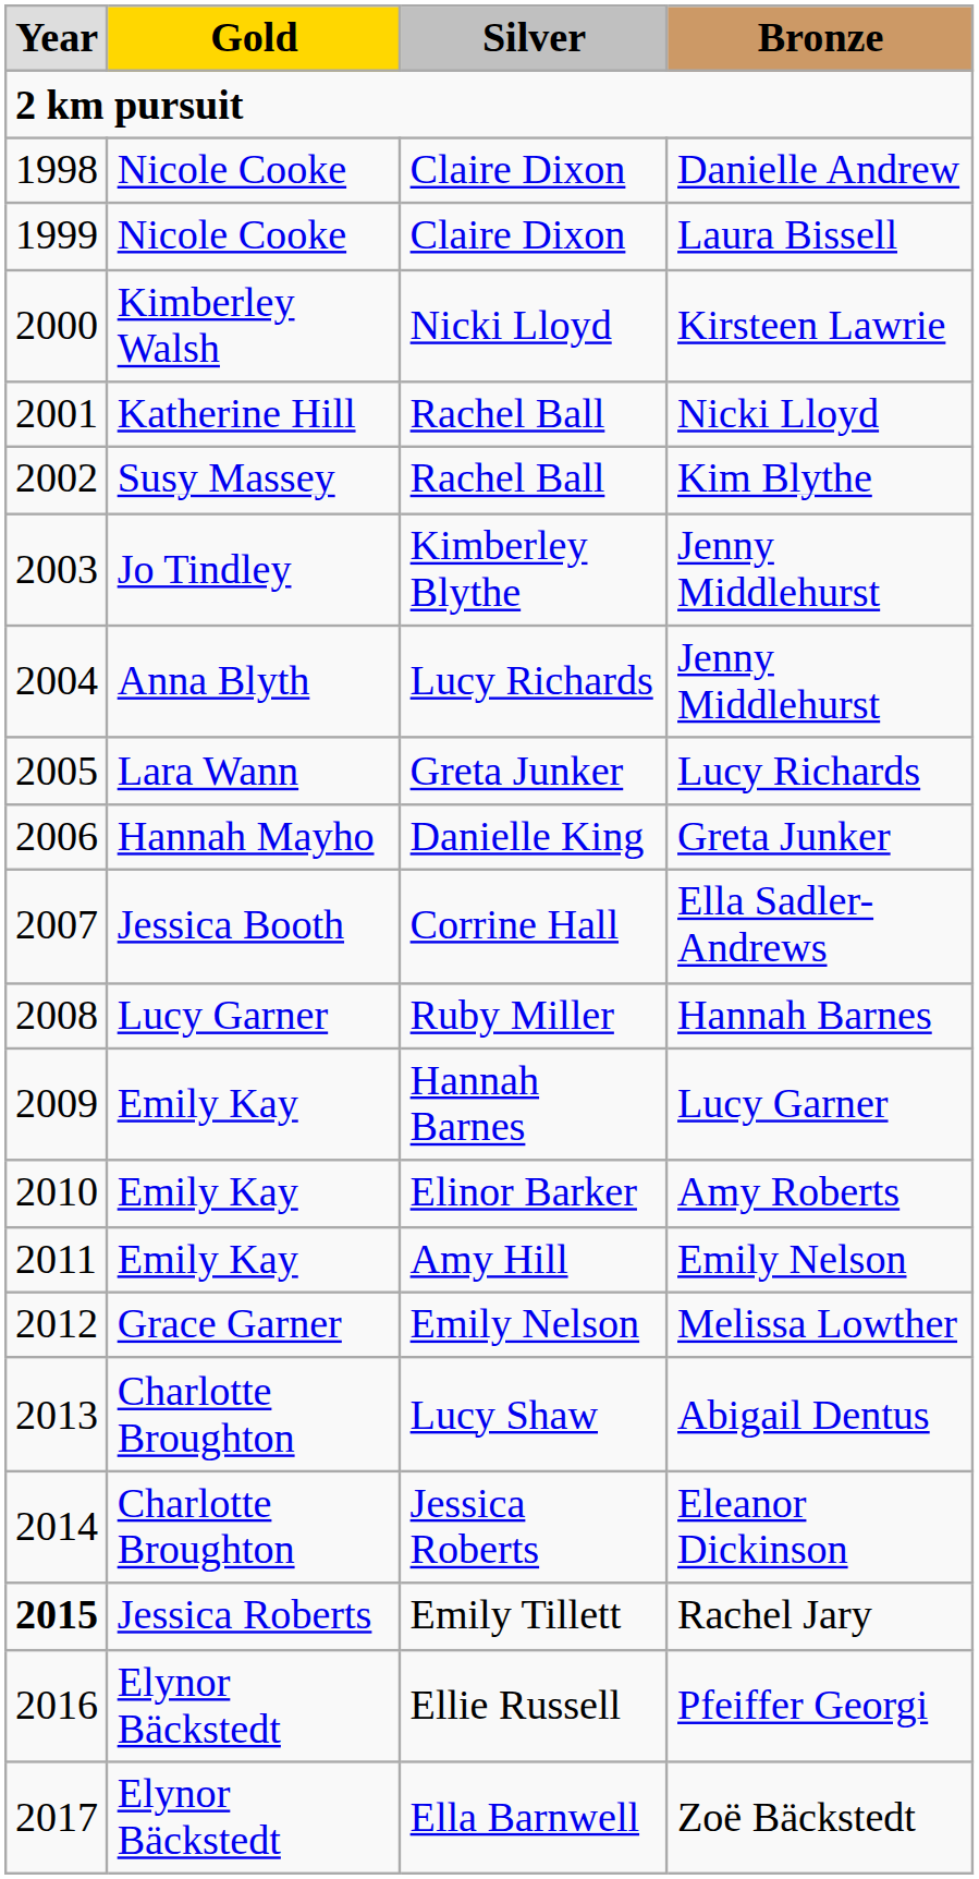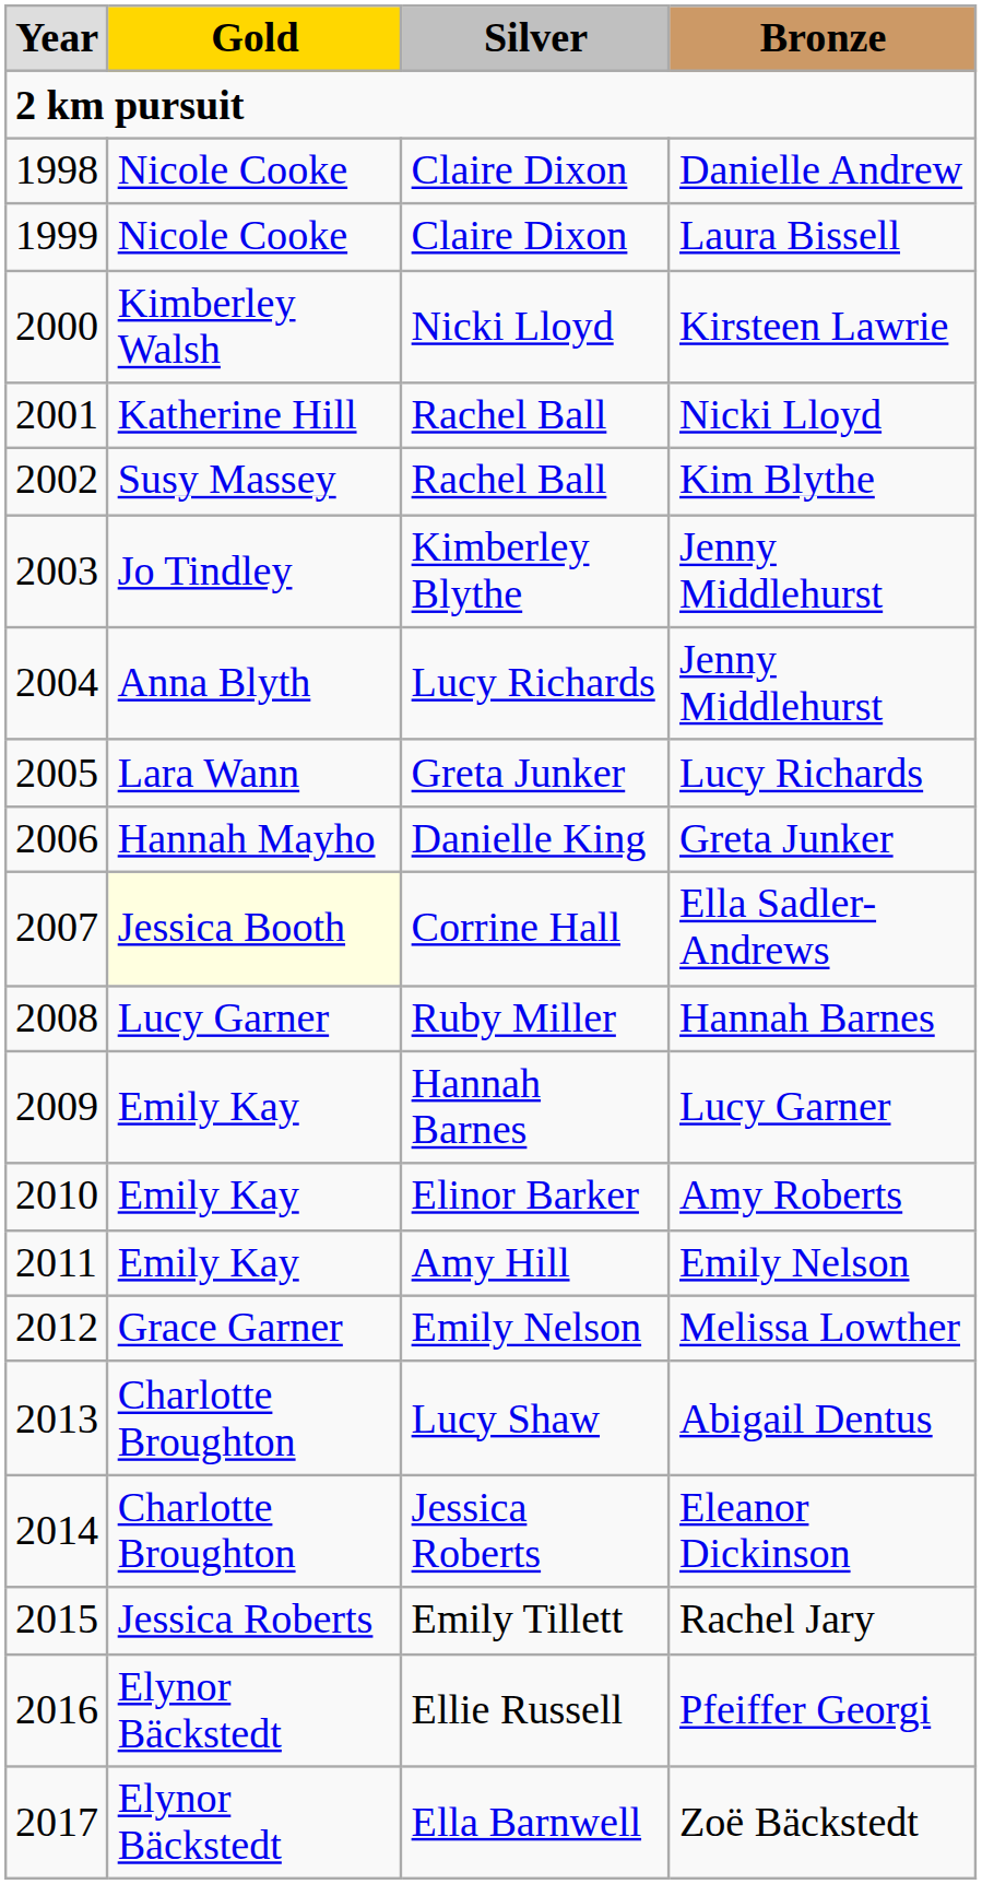 <table class="wikitable" style="width: 60%; text-align:left;">
 <tr style="text-align:center; font-weight:bold;">
 <td style="background:#ddd; ">Year</td>
 <td style="background:gold; ">Gold</td>
 <td style="background:silver; ">Silver</td>
 <td style="background:#c96; ">Bronze</td>
 </tr>
 <tr>
 <td colspan=4><strong>2 km pursuit</strong></td>
 </tr>
 <tr>
 <td>1998</td>
 <td><a href='#'>Nicole Cooke</a></td>
 <td><a href='#'>Claire Dixon</a></td>
 <td><a href='#'>Danielle Andrew</a></td>
 </tr>
 <tr>
 <td>1999</td>
 <td><a href='#'>Nicole Cooke</a></td>
 <td><a href='#'>Claire Dixon</a></td>
 <td><a href='#'>Laura Bissell</a></td>
 </tr>
 <tr>
 <td>2000</td>
 <td><a href='#'>Kimberley Walsh</a></td>
 <td><a href='#'>Nicki Lloyd</a></td>
 <td><a href='#'>Kirsteen Lawrie</a></td>
 </tr>
 <tr>
 <td>2001</td>
 <td><a href='#'>Katherine Hill</a></td>
 <td><a href='#'>Rachel Ball</a></td>
 <td><a href='#'>Nicki Lloyd</a></td>
 </tr>
 <tr>
 <td>2002</td>
 <td><a href='#'>Susy Massey</a></td>
 <td><a href='#'>Rachel Ball</a></td>
 <td><a href='#'>Kim Blythe</a></td>
 </tr>
 <tr>
 <td>2003</td>
 <td><a href='#'>Jo Tindley</a></td>
 <td><a href='#'>Kimberley Blythe</a></td>
 <td><a href='#'>Jenny Middlehurst</a></td>
 </tr>
 <tr>
 <td>2004</td>
 <td><a href='#'>Anna Blyth</a></td>
 <td><a href='#'>Lucy Richards</a></td>
 <td><a href='#'>Jenny Middlehurst</a></td>
 </tr>
 <tr>
 <td>2005</td>
 <td><a href='#'>Lara Wann</a></td>
 <td><a href='#'>Greta Junker</a></td>
 <td><a href='#'>Lucy Richards</a></td>
 </tr>
 <tr>
 <td>2006</td>
 <td><a href='#'>Hannah Mayho</a></td>
 <td><a href='#'>Danielle King</a></td>
 <td><a href='#'>Greta Junker</a></td>
 </tr>
 <tr>
 <td>2007</td>
-<td><a href='#'>Jessica Booth</a></td>
+<td style="background: lightyellow;"><a href='#'>Jessica Booth</a></td>
 <td><a href='#'>Corrine Hall</a></td>
 <td><a href='#'>Ella Sadler-Andrews</a></td>
 </tr>
 <tr>
 <td>2008</td>
 <td><a href='#'>Lucy Garner</a></td>
 <td><a href='#'>Ruby Miller</a></td>
 <td><a href='#'>Hannah Barnes</a></td>
 </tr>
 <tr>
 <td>2009</td>
 <td><a href='#'>Emily Kay</a></td>
 <td><a href='#'>Hannah Barnes</a></td>
 <td><a href='#'>Lucy Garner</a></td>
 </tr>
 <tr>
 <td>2010</td>
 <td><a href='#'>Emily Kay</a></td>
 <td><a href='#'>Elinor Barker</a></td>
 <td><a href='#'>Amy Roberts</a></td>
 </tr>
 <tr>
 <td>2011</td>
 <td><a href='#'>Emily Kay</a></td>
 <td><a href='#'>Amy Hill</a></td>
 <td><a href='#'>Emily Nelson</a></td>
 </tr>
 <tr>
 <td>2012</td>
 <td><a href='#'>Grace Garner</a></td>
 <td><a href='#'>Emily Nelson</a></td>
 <td><a href='#'>Melissa Lowther</a></td>
 </tr>
 <tr>
 <td>2013</td>
 <td><a href='#'>Charlotte Broughton</a></td>
 <td><a href='#'>Lucy Shaw</a></td>
 <td><a href='#'>Abigail Dentus</a></td>
 </tr>
 <tr>
 <td>2014</td>
 <td><a href='#'>Charlotte Broughton</a></td>
 <td><a href='#'>Jessica Roberts</a></td>
 <td><a href='#'>Eleanor Dickinson</a></td>
 </tr>
 <tr>
-<td><strong>2015</strong></td>
+<td>2015</td>
 <td><a href='#'>Jessica Roberts</a></td>
 <td>Emily Tillett</td>
 <td>Rachel Jary</td>
 </tr>
 <tr>
 <td>2016</td>
 <td><a href='#'>Elynor Bäckstedt</a></td>
 <td>Ellie Russell</td>
 <td><a href='#'>Pfeiffer Georgi</a></td>
 </tr>
 <tr>
 <td>2017</td>
 <td><a href='#'>Elynor Bäckstedt</a></td>
 <td><a href='#'>Ella Barnwell</a></td>
 <td>Zoë Bäckstedt</td>
 </tr>
 </table>
